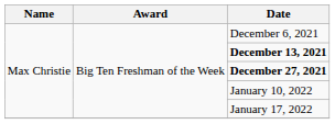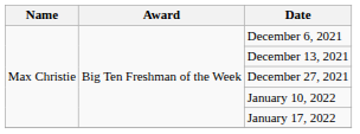 <table class=wikitable "border="1">
 <tr>
 <th>Name</th>
 <th>Award</th>
 <th>Date</th>
 </tr>
 <tr>
 <td rowspan=5>Max Christie</td>
 <td rowspan=5>Big Ten Freshman of the Week</td>
 <td>December 6, 2021</td>
 </tr>
 <tr>
-<td><strong>December 13, 2021</strong></td>
+<td>December 13, 2021</td>
 </tr>
 <tr>
-<td><strong>December 27, 2021</strong></td>
+<td>December 27, 2021</td>
 </tr>
 <tr>
 <td>January 10, 2022</td>
 </tr>
 <tr>
 <td>January 17, 2022</td>
 </tr>
 <tr>
 </tr>
 </table>
